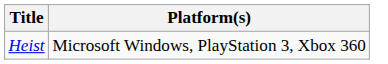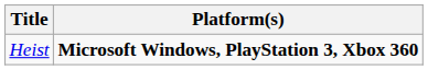 <table class="wikitable">
 <tr>
 <th>Title</th>
 <th>Platform(s)</th>
 </tr>
 <tr>
 <td><em><a href='#'>Heist</a></em></td>
-<td>Microsoft Windows, PlayStation 3, Xbox 360</td>
+<td><strong>Microsoft Windows, PlayStation 3, Xbox 360</strong></td>
 </tr>
 </table>
